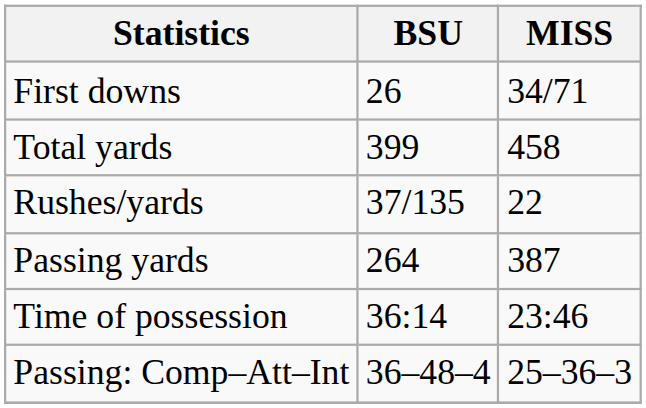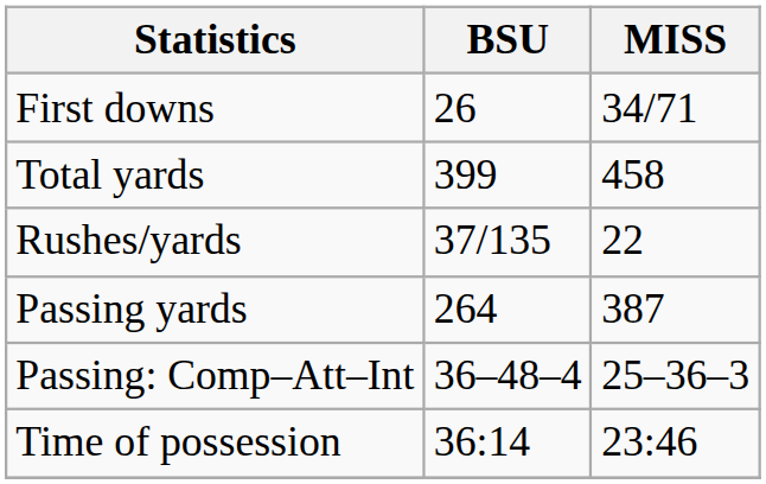 <table class="wikitable" style="float: left;">
 <tr>
 <th>Statistics</th>
 <th>BSU</th>
 <th>MISS</th>
 </tr>
 <tr>
 <td>First downs</td>
 <td>26</td>
 <td>34/71</td>
 </tr>
 <tr>
 <td>Total yards</td>
 <td>399</td>
 <td>458</td>
 </tr>
 <tr>
 <td>Rushes/yards</td>
 <td>37/135</td>
 <td>22</td>
 </tr>
 <tr>
 <td>Passing yards</td>
 <td>264</td>
 <td>387</td>
 </tr>
 <tr>
+<td>Passing: Comp–Att–Int</td>
+<td>36–48–4</td>
+<td>25–36–3</td>
+</tr>
+<tr>
 <td>Time of possession</td>
 <td>36:14</td>
 <td>23:46</td>
 </tr>
 <tr>
-<td>Passing: Comp–Att–Int</td>
-<td>36–48–4</td>
-<td>25–36–3</td>
-</tr>
-<tr>
 </tr>
 </table>
